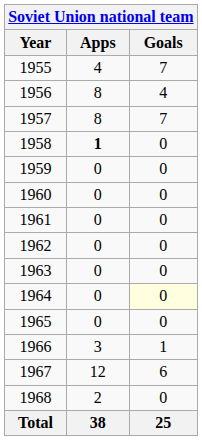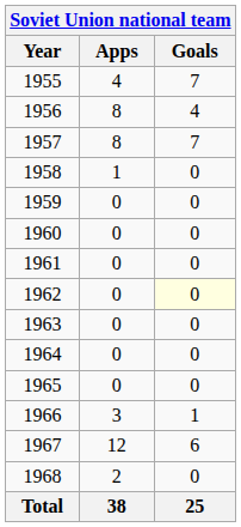 <table class="wikitable" style="text-align:center">
 <tr>
 <th colspan=3><a href='#'>Soviet Union national team</a></th>
 </tr>
 <tr>
 <th>Year</th>
 <th>Apps</th>
 <th>Goals</th>
 </tr>
 <tr>
 </tr>
 <tr>
 <td>1955</td>
 <td>4</td>
 <td>7</td>
 </tr>
 <tr>
 <td>1956</td>
 <td>8</td>
 <td>4</td>
 </tr>
 <tr>
 <td>1957</td>
 <td>8</td>
 <td>7</td>
 </tr>
 <tr>
 <td>1958</td>
-<td><strong>1</strong></td>
+<td>1</td>
 <td>0</td>
 </tr>
 <tr>
 <td>1959</td>
 <td>0</td>
 <td>0</td>
 </tr>
 <tr>
 <td>1960</td>
 <td>0</td>
 <td>0</td>
 </tr>
 <tr>
 <td>1961</td>
 <td>0</td>
 <td>0</td>
 </tr>
 <tr>
 <td>1962</td>
 <td>0</td>
-<td>0</td>
+<td style="background: lightyellow;">0</td>
 </tr>
 <tr>
 <td>1963</td>
 <td>0</td>
 <td>0</td>
 </tr>
 <tr>
 <td>1964</td>
 <td>0</td>
-<td style="background: lightyellow;">0</td>
+<td>0</td>
 </tr>
 <tr>
 <td>1965</td>
 <td>0</td>
 <td>0</td>
 </tr>
 <tr>
 <td>1966</td>
 <td>3</td>
 <td>1</td>
 </tr>
 <tr>
 <td>1967</td>
 <td>12</td>
 <td>6</td>
 </tr>
 <tr>
 <td>1968</td>
 <td>2</td>
 <td>0</td>
 </tr>
 <tr>
 <th>Total</th>
 <th>38</th>
 <th>25</th>
 </tr>
 </table>
